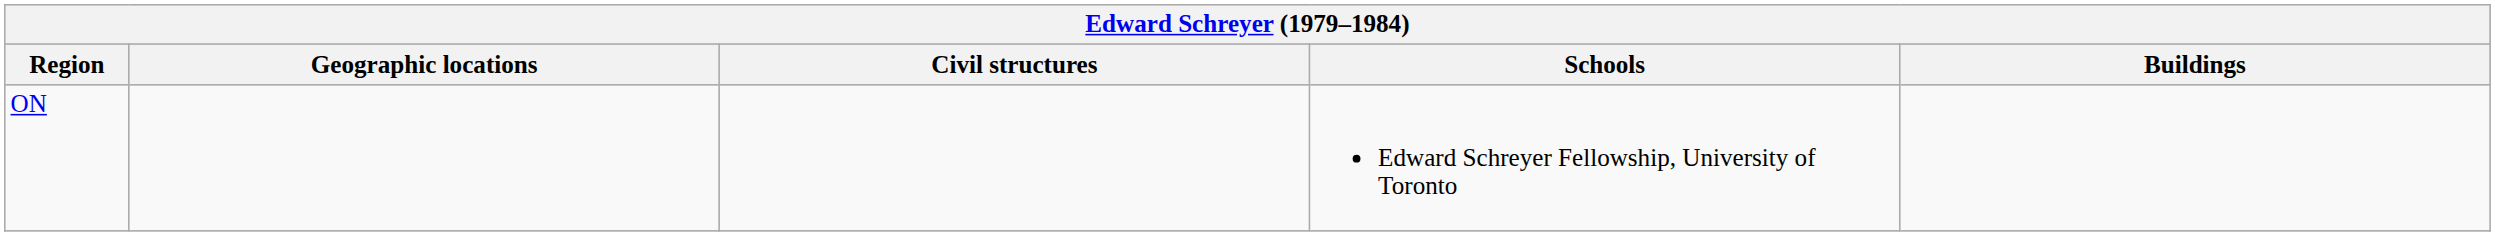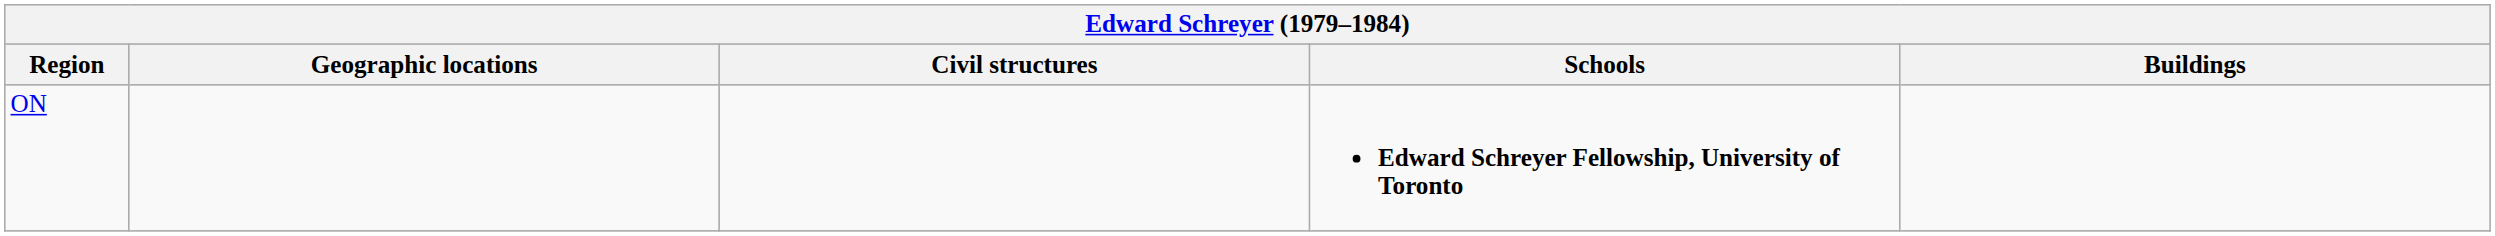 <table class="wikitable" width="100%">
 <tr>
 <th colspan="5"> <a href='#'>Edward Schreyer</a> (1979–1984)</th>
 </tr>
 <tr>
 <th width="5%">Region</th>
 <th width="23.75%">Geographic locations</th>
 <th width="23.75%">Civil structures</th>
 <th width="23.75%">Schools</th>
 <th width="23.75%">Buildings</th>
 </tr>
 <tr>
 <td align=left valign=top> <a href='#'>ON</a></td>
 <td></td>
 <td></td>
-<td align=left valign=top><br><ul><li>Edward Schreyer Fellowship, University of Toronto</li></ul></td>
+<td align=left valign=top><strong><br><ul><li>Edward Schreyer Fellowship, University of Toronto</li></ul></strong></td>
 <td></td>
 </tr>
 </table>
